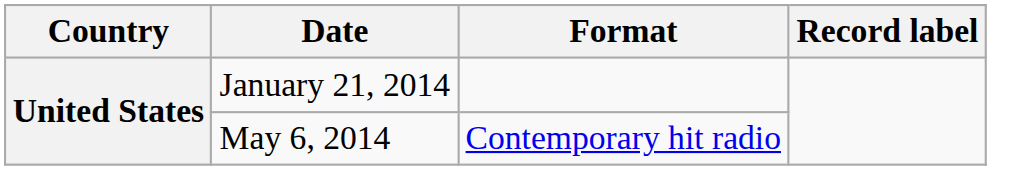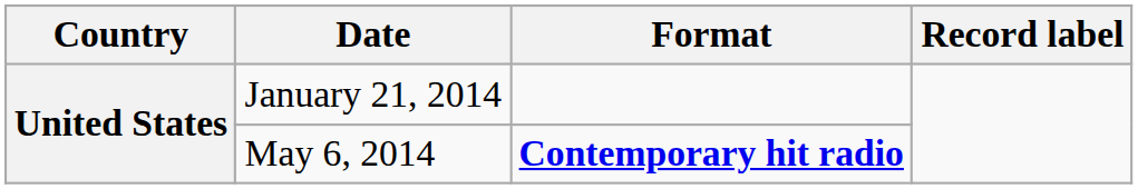 <table class="wikitable plainrowheaders">
 <tr>
 <th scope="col">Country</th>
 <th scope="col">Date</th>
 <th scope="col">Format</th>
 <th scope="col">Record label</th>
 </tr>
 <tr>
 <th scope="row" rowspan="2">United States</th>
 <td>January 21, 2014</td>
 <td></td>
 <td rowspan="2"></td>
 </tr>
 <tr>
 <td>May 6, 2014</td>
-<td><a href='#'>Contemporary hit radio</a></td>
+<td><strong><a href='#'>Contemporary hit radio</a></strong></td>
 </tr>
 </table>
